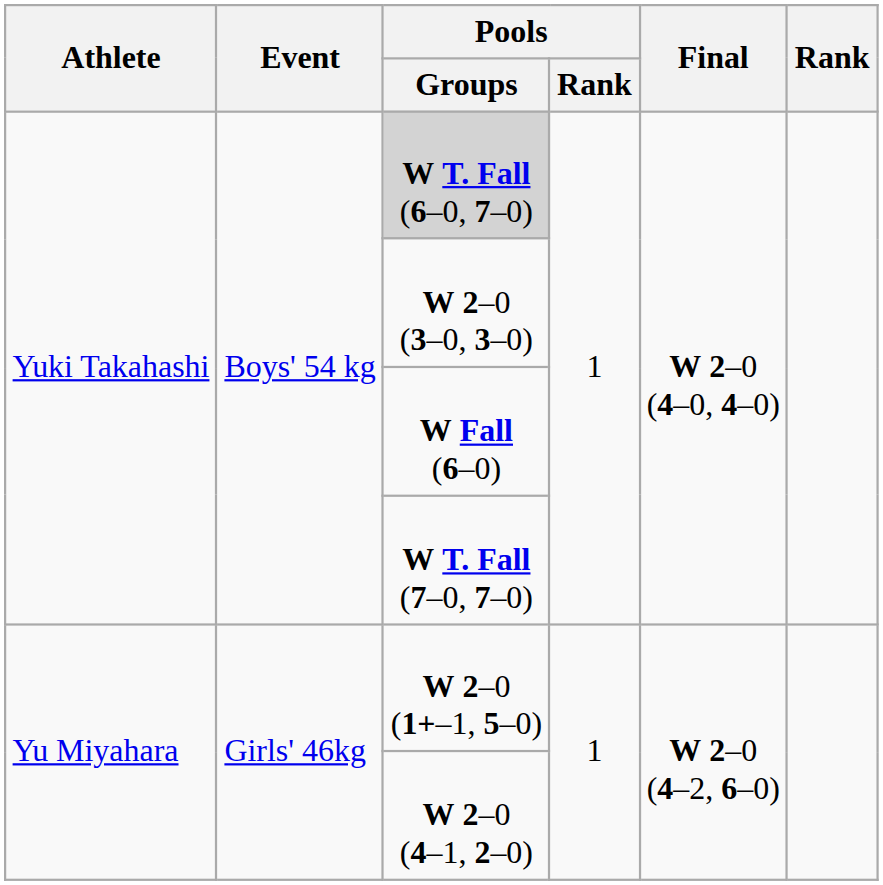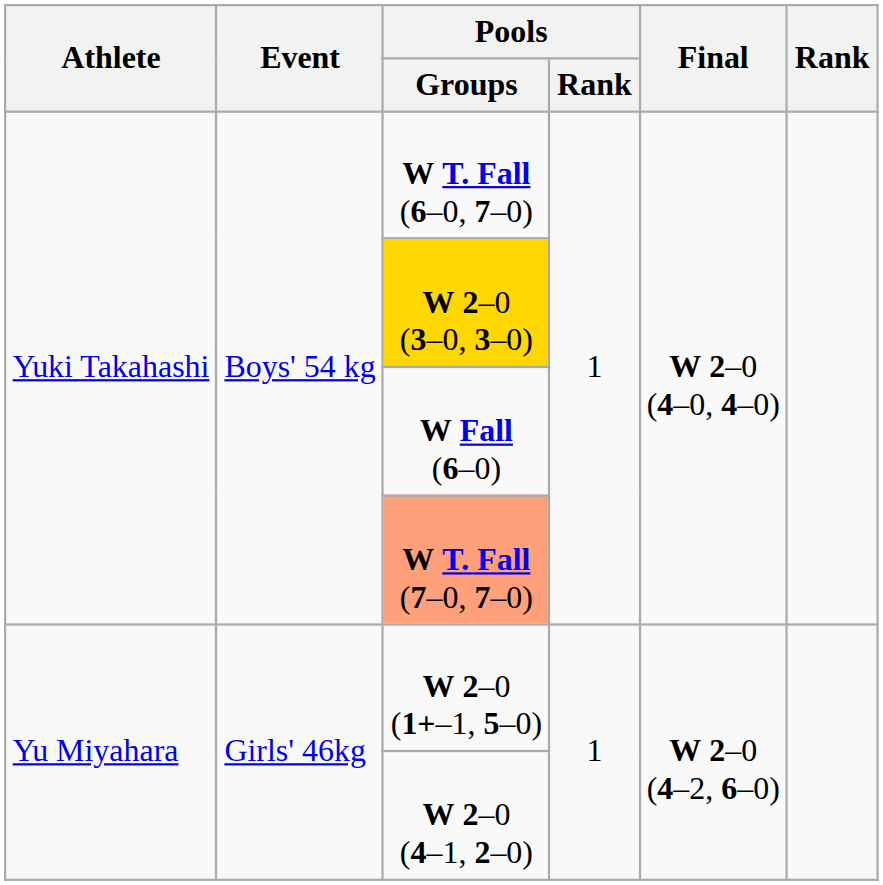 <table class="wikitable" style="text-align:left; font-size:90%">
 <tr>
 <th rowspan="2">Athlete</th>
 <th rowspan="2">Event</th>
 <th colspan="2">Pools</th>
 <th rowspan="2">Final</th>
 <th rowspan="2">Rank</th>
 </tr>
 <tr>
 <th>Groups</th>
 <th>Rank</th>
 </tr>
 <tr>
 <td rowspan="4"><a href='#'>Yuki Takahashi</a></td>
 <td rowspan="4"><a href='#'>Boys' 54 kg</a></td>
-<td align=center style="background: lightgrey;"><br><strong>W</strong> <strong><a href='#'>T. Fall</a></strong><br>(<strong>6</strong>–0, <strong>7</strong>–0)</td>
+<td align=center><br><strong>W</strong> <strong><a href='#'>T. Fall</a></strong><br>(<strong>6</strong>–0, <strong>7</strong>–0)</td>
 <td rowspan="4" align=center>1</td>
 <td align=center rowspan=4><br><strong>W</strong> <strong>2</strong>–0<br>(<strong>4</strong>–0, <strong>4</strong>–0)</td>
 <td rowspan="4" align="center"></td>
 </tr>
 <tr>
-<td align=center><br><strong>W</strong> <strong>2</strong>–0<br>(<strong>3</strong>–0, <strong>3</strong>–0)</td>
+<td align=center style="background: gold;"><br><strong>W</strong> <strong>2</strong>–0<br>(<strong>3</strong>–0, <strong>3</strong>–0)</td>
 </tr>
 <tr>
 <td align=center><br><strong>W</strong> <strong><a href='#'>Fall</a></strong><br>(<strong>6</strong>–0)</td>
 </tr>
 <tr>
-<td align=center><br><strong>W</strong> <strong><a href='#'>T. Fall</a></strong><br>(<strong>7</strong>–0, <strong>7</strong>–0)</td>
+<td align=center style="background: lightsalmon;"><br><strong>W</strong> <strong><a href='#'>T. Fall</a></strong><br>(<strong>7</strong>–0, <strong>7</strong>–0)</td>
 </tr>
 <tr>
 <td rowspan="2"><a href='#'>Yu Miyahara</a></td>
 <td rowspan="2"><a href='#'>Girls' 46kg</a></td>
 <td align=center><br><strong>W</strong> <strong>2</strong>–0<br>(<strong>1+</strong>–1, <strong>5</strong>–0)</td>
 <td rowspan="2" align=center>1</td>
 <td align=center rowspan=2><br><strong>W</strong> <strong>2</strong>–0<br>(<strong>4</strong>–2, <strong>6</strong>–0)</td>
 <td rowspan="2" align="center"></td>
 </tr>
 <tr>
 <td align=center><br><strong>W</strong> <strong>2</strong>–0<br>(<strong>4</strong>–1, <strong>2</strong>–0)</td>
 </tr>
 </table>
